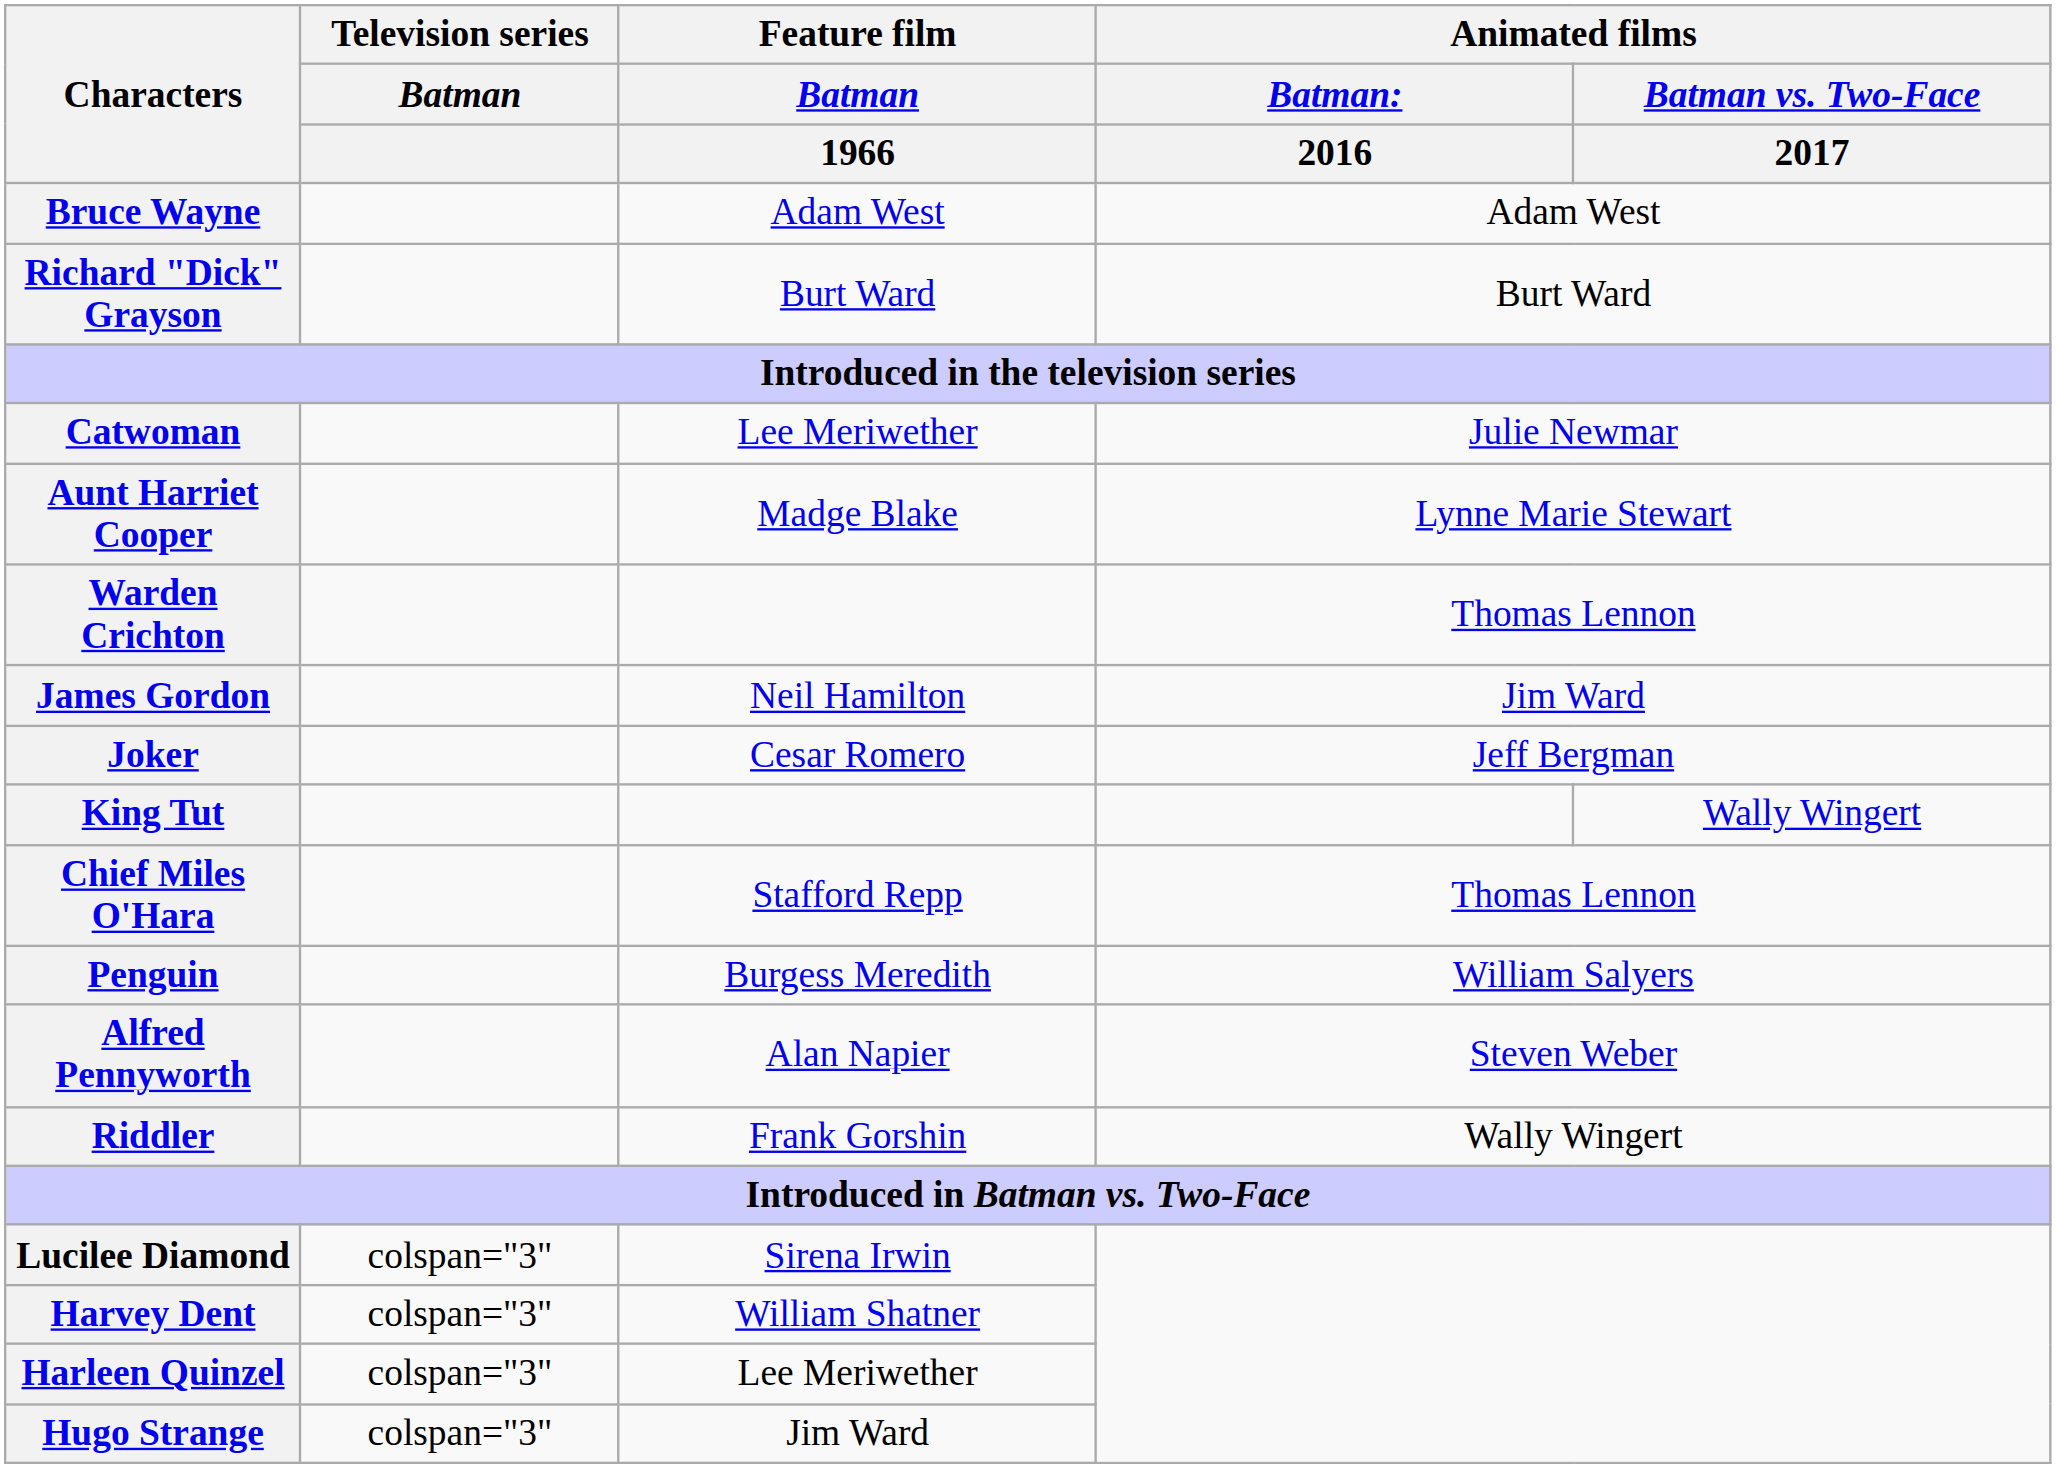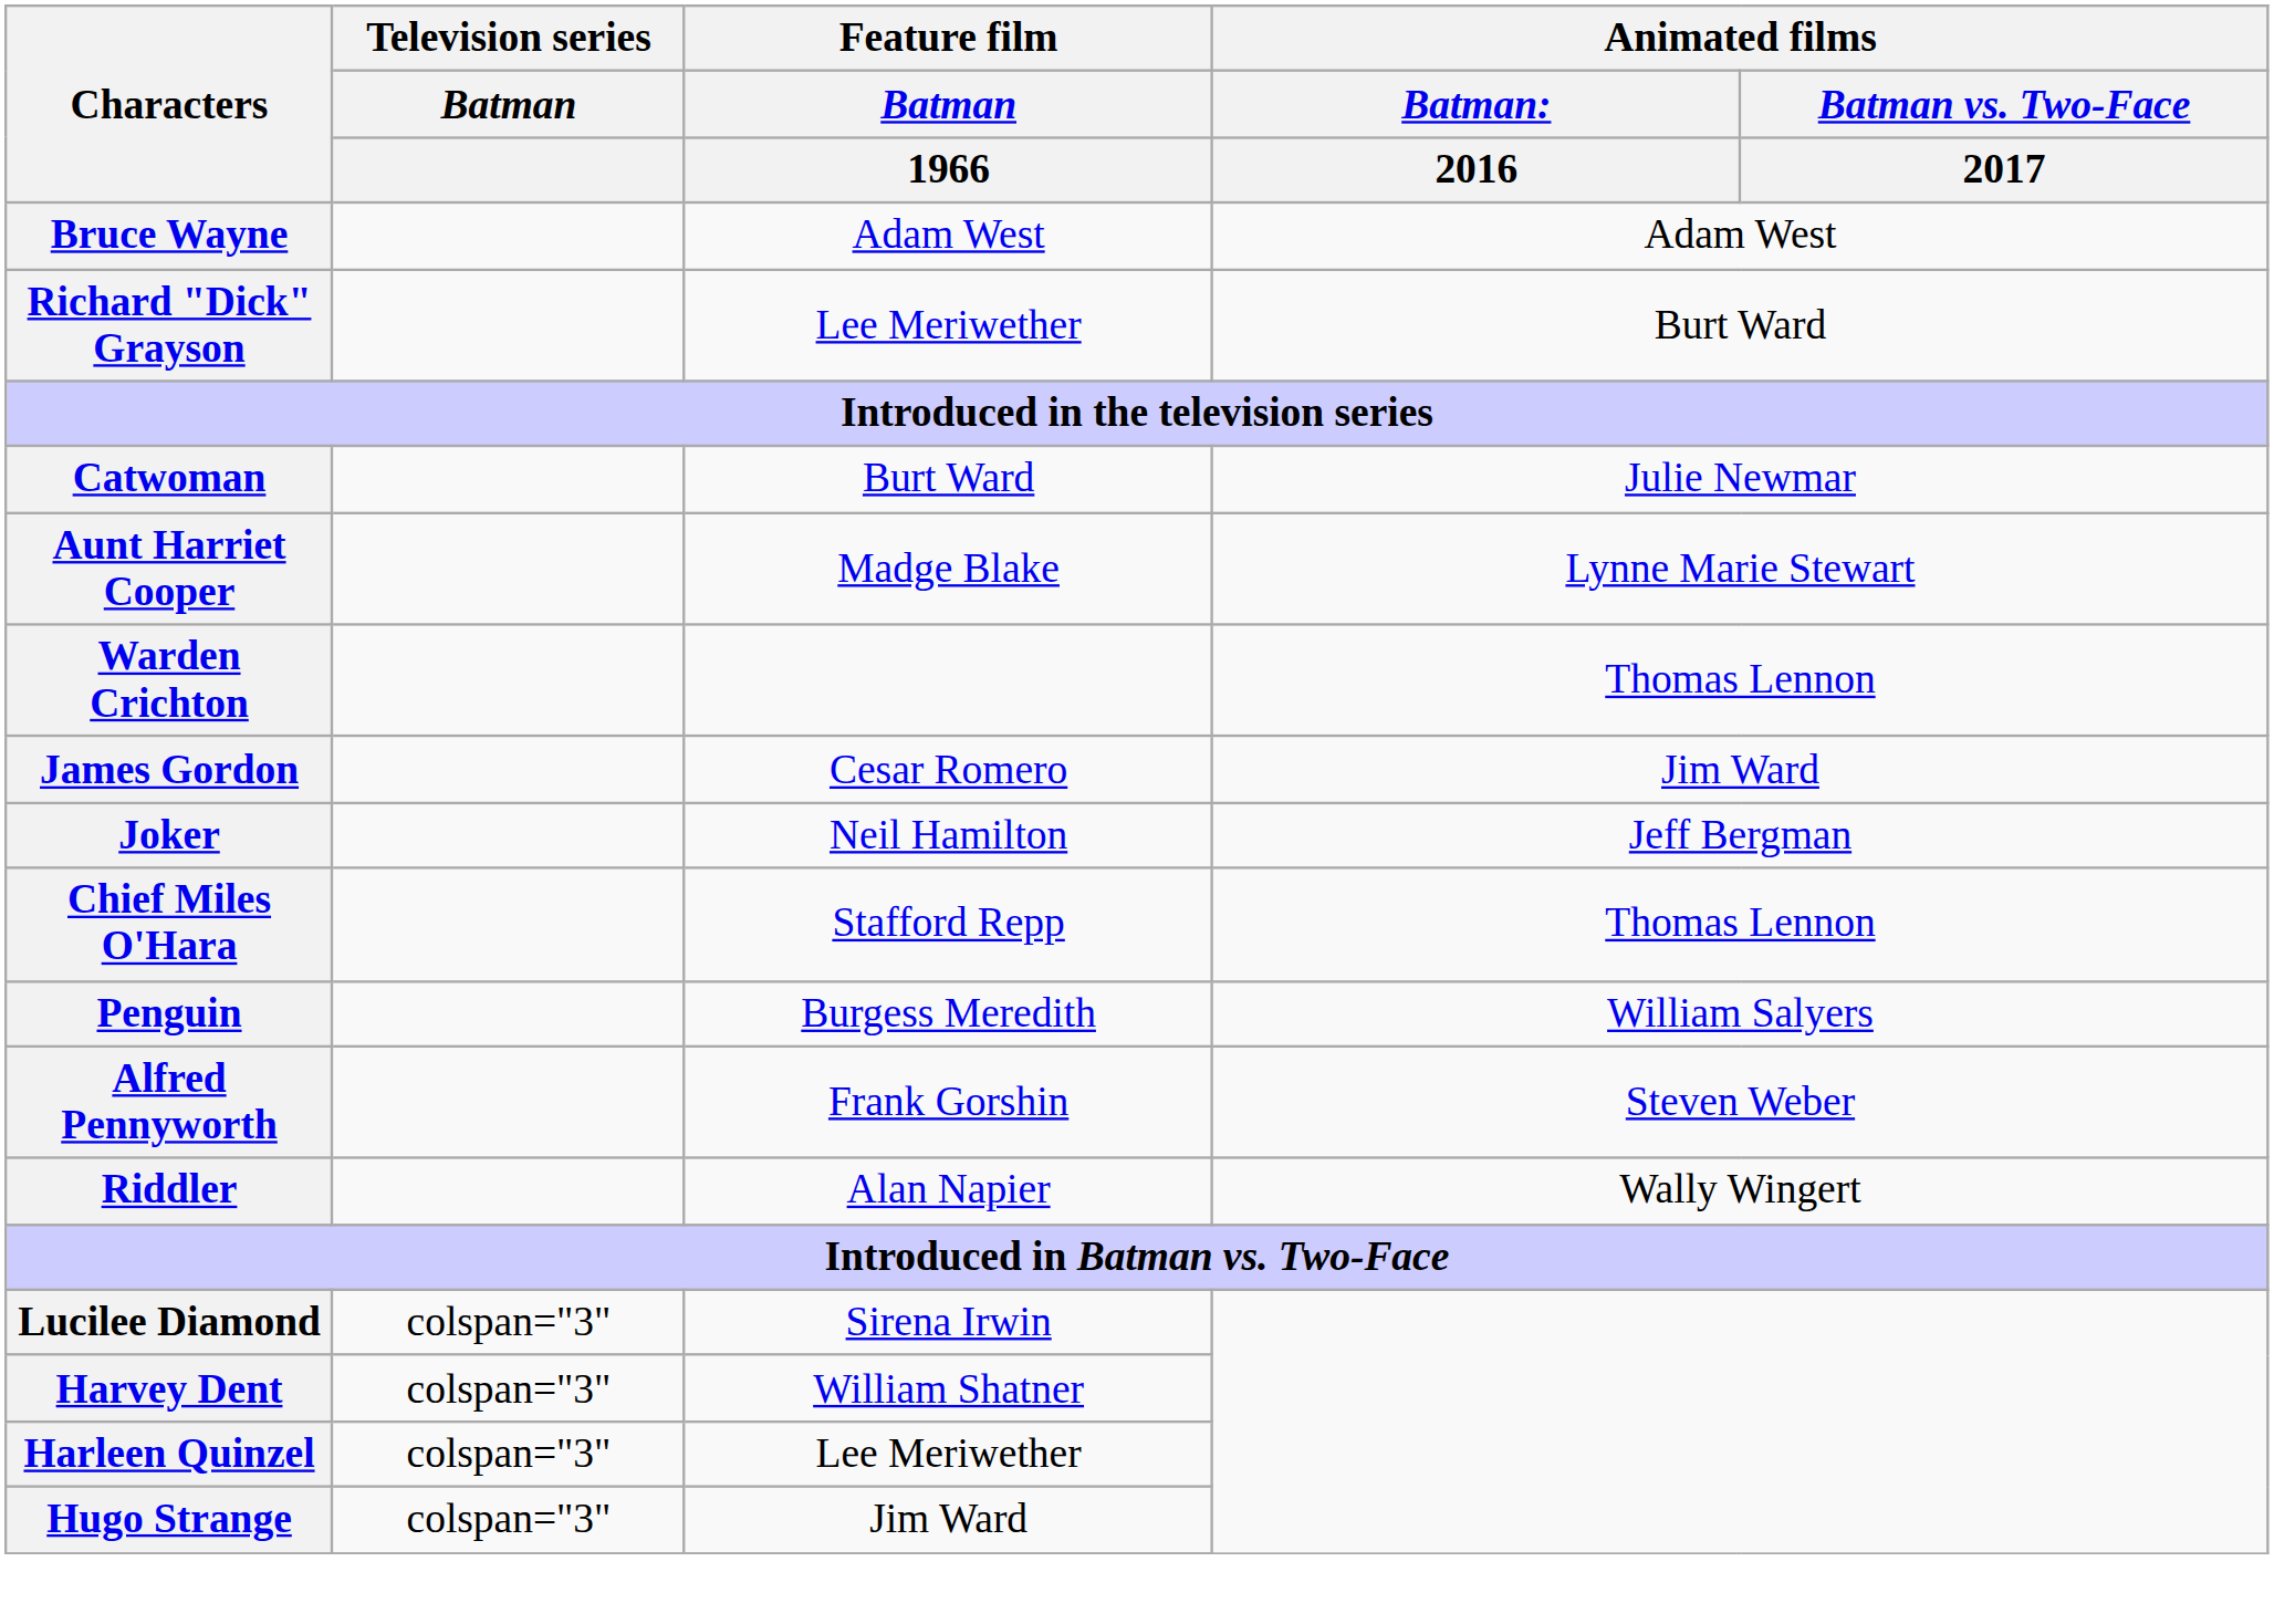 <table class="wikitable" style="text-align:center; width:99%">
 <tr>
 <th rowspan="3" style="width:7.3%;">Characters</th>
 <th colspan="1" style="text-align:center;">Television series</th>
 <th colspan="1" style="text-align:center;">Feature film</th>
 <th colspan="2" style="text-align:center;">Animated films</th>
 </tr>
 <tr>
 <th style="text-align:center; width:10%;"><em>Batman</em></th>
 <th style="text-align:center; width:15%;"><a href='#'><em>Batman</em></a></th>
 <th style="text-align:center; width:15%;"><a href='#'><em>Batman:<br></em></a></th>
 <th style="text-align:center; width:15%;"><em><a href='#'>Batman vs. Two-Face</a></em></th>
 </tr>
 <tr>
 <th></th>
 <th>1966</th>
 <th>2016</th>
 <th>2017</th>
 </tr>
 <tr>
 <th><a href='#'>Bruce Wayne<br></a></th>
 <td></td>
 <td><a href='#'>Adam West</a></td>
 <td colspan="2">Adam West</td>
 </tr>
 <tr>
 <th><a href='#'>Richard "Dick" Grayson<br></a></th>
 <td></td>
-<td><a href='#'>Burt Ward</a></td>
+<td><a href='#'>Lee Meriwether</a></td>
 <td colspan="2">Burt Ward</td>
 </tr>
 <tr>
 <th colspan="5" style="background:#ccf;">Introduced in the television series</th>
 </tr>
 <tr>
 <th><a href='#'>Catwoman</a></th>
 <td></td>
-<td><a href='#'>Lee Meriwether</a></td>
+<td><a href='#'>Burt Ward</a></td>
 <td colspan="2"><a href='#'>Julie Newmar</a></td>
 </tr>
 <tr>
 <th><a href='#'>Aunt Harriet Cooper</a></th>
 <td></td>
 <td><a href='#'>Madge Blake</a></td>
 <td colspan="2"><a href='#'>Lynne Marie Stewart</a></td>
 </tr>
 <tr>
 <th><a href='#'>Warden Crichton</a></th>
 <td></td>
 <td></td>
 <td colspan="2"><a href='#'>Thomas Lennon</a></td>
 </tr>
 <tr>
 <th><a href='#'>James Gordon</a></th>
 <td></td>
-<td><a href='#'>Neil Hamilton</a></td>
+<td><a href='#'>Cesar Romero</a></td>
 <td colspan="2"><a href='#'>Jim Ward</a></td>
 </tr>
 <tr>
 <th><a href='#'>Joker</a></th>
 <td></td>
-<td><a href='#'>Cesar Romero</a></td>
+<td><a href='#'>Neil Hamilton</a></td>
 <td colspan="2"><a href='#'>Jeff Bergman</a></td>
-</tr>
-<tr>
-<th><a href='#'>King Tut</a></th>
-<td></td>
-<td></td>
-<td></td>
-<td><a href='#'>Wally Wingert</a></td>
 </tr>
 <tr>
 <th><a href='#'>Chief Miles O'Hara</a></th>
 <td></td>
 <td><a href='#'>Stafford Repp</a></td>
 <td colspan="2"><a href='#'>Thomas Lennon</a></td>
 </tr>
 <tr>
 <th><a href='#'>Penguin</a></th>
 <td></td>
 <td><a href='#'>Burgess Meredith</a></td>
 <td colspan="2"><a href='#'>William Salyers</a></td>
 </tr>
 <tr>
 <th><a href='#'>Alfred Pennyworth</a></th>
 <td></td>
-<td><a href='#'>Alan Napier</a></td>
+<td><a href='#'>Frank Gorshin</a></td>
 <td colspan="2"><a href='#'>Steven Weber</a></td>
 </tr>
 <tr>
 <th><a href='#'>Riddler</a></th>
 <td></td>
-<td><a href='#'>Frank Gorshin</a></td>
+<td><a href='#'>Alan Napier</a></td>
 <td colspan="2">Wally Wingert</td>
 </tr>
 <tr>
 <th colspan="5" style="background:#ccf;">Introduced in <em>Batman vs. Two-Face</em></th>
 </tr>
 <tr>
 <th>Lucilee Diamond</th>
 <td>colspan="3" </td>
 <td><a href='#'>Sirena Irwin</a></td>
 </tr>
 <tr>
 <th><a href='#'>Harvey Dent<br></a></th>
 <td>colspan="3" </td>
 <td><a href='#'>William Shatner</a></td>
 </tr>
 <tr>
 <th><a href='#'>Harleen Quinzel</a></th>
 <td>colspan="3" </td>
 <td>Lee Meriwether</td>
 </tr>
 <tr>
 <th><a href='#'>Hugo Strange</a></th>
 <td>colspan="3" </td>
 <td>Jim Ward</td>
 </tr>
 <tr>
 </tr>
 </table>
